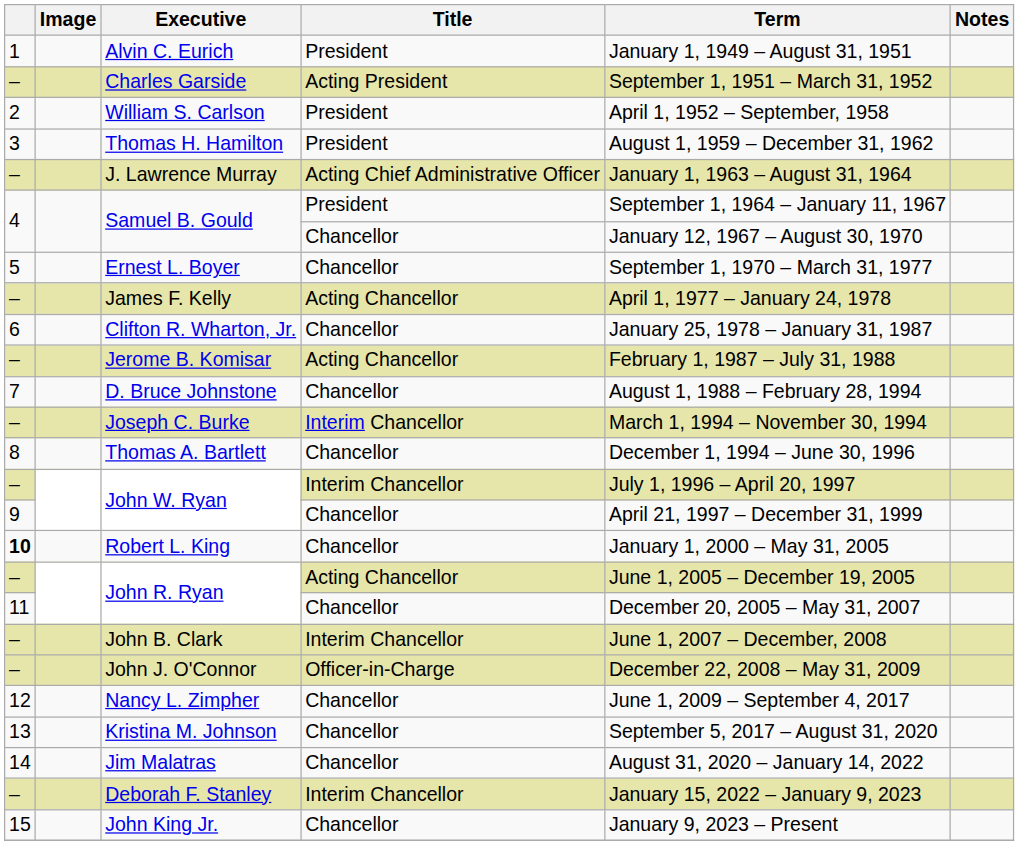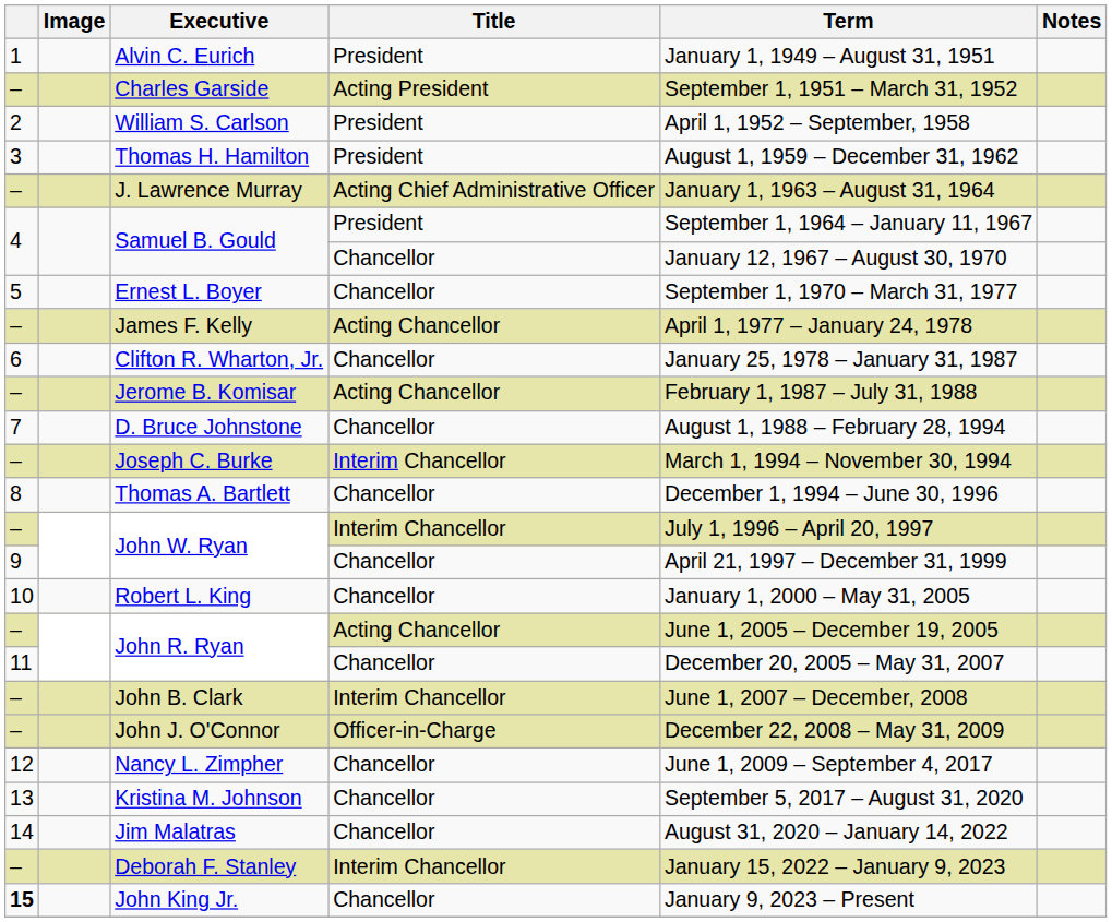 <table class="wikitable">
 <tr>
 <th></th>
 <th>Image</th>
 <th>Executive</th>
 <th>Title</th>
 <th>Term</th>
 <th>Notes</th>
 </tr>
 <tr>
 <td>1</td>
 <td></td>
 <td><a href='#'>Alvin C. Eurich</a></td>
 <td>President</td>
 <td>January 1, 1949 – August 31, 1951</td>
 <td></td>
 </tr>
 <tr bgcolor="#e6e6aa">
 <td>–</td>
 <td></td>
 <td><a href='#'>Charles Garside</a></td>
 <td>Acting President</td>
 <td>September 1, 1951 – March 31, 1952</td>
 <td></td>
 </tr>
 <tr>
 <td>2</td>
 <td></td>
 <td><a href='#'>William S. Carlson</a></td>
 <td>President</td>
 <td>April 1, 1952 – September, 1958</td>
 <td></td>
 </tr>
 <tr>
 <td>3</td>
 <td></td>
 <td><a href='#'>Thomas H. Hamilton</a></td>
 <td>President</td>
 <td>August 1, 1959 – December 31, 1962</td>
 <td></td>
 </tr>
 <tr bgcolor="#e6e6aa">
 <td>–</td>
 <td></td>
 <td>J. Lawrence Murray</td>
 <td>Acting Chief Administrative Officer</td>
 <td>January 1, 1963 – August 31, 1964</td>
 <td></td>
 </tr>
 <tr>
 <td rowspan="2">4</td>
 <td rowspan="2"></td>
 <td rowspan="2"><a href='#'>Samuel B. Gould</a></td>
 <td>President</td>
 <td>September 1, 1964 – January 11, 1967</td>
 <td></td>
 </tr>
 <tr>
 <td>Chancellor</td>
 <td>January 12, 1967 – August 30, 1970</td>
 <td></td>
 </tr>
 <tr>
 <td>5</td>
 <td></td>
 <td><a href='#'>Ernest L. Boyer</a></td>
 <td>Chancellor</td>
 <td>September 1, 1970 – March 31, 1977</td>
 <td></td>
 </tr>
 <tr bgcolor="#e6e6aa">
 <td>–</td>
 <td></td>
 <td>James F. Kelly</td>
 <td>Acting Chancellor</td>
 <td>April 1, 1977 – January 24, 1978</td>
 <td></td>
 </tr>
 <tr>
 <td>6</td>
 <td></td>
 <td><a href='#'>Clifton R. Wharton, Jr.</a></td>
 <td>Chancellor</td>
 <td>January 25, 1978 – January 31, 1987</td>
 <td></td>
 </tr>
 <tr bgcolor="#e6e6aa">
 <td>–</td>
 <td></td>
 <td><a href='#'>Jerome B. Komisar</a></td>
 <td>Acting Chancellor</td>
 <td>February 1, 1987 – July 31, 1988</td>
 <td></td>
 </tr>
 <tr>
 <td>7</td>
 <td></td>
 <td><a href='#'>D. Bruce Johnstone</a></td>
 <td>Chancellor</td>
 <td>August 1, 1988 – February 28, 1994</td>
 <td></td>
 </tr>
 <tr bgcolor="#e6e6aa">
 <td>–</td>
 <td></td>
 <td><a href='#'>Joseph C. Burke</a></td>
 <td><a href='#'>Interim</a> Chancellor</td>
 <td>March 1, 1994 – November 30, 1994</td>
 <td></td>
 </tr>
 <tr>
 <td>8</td>
 <td></td>
 <td><a href='#'>Thomas A. Bartlett</a></td>
 <td>Chancellor</td>
 <td>December 1, 1994 – June 30, 1996</td>
 <td></td>
 </tr>
 <tr bgcolor="#e6e6aa">
 <td>–</td>
 <td rowspan="2" bgcolor="#ffffff"></td>
 <td rowspan="2" bgcolor="#ffffff"><a href='#'>John W. Ryan</a></td>
 <td>Interim Chancellor</td>
 <td>July 1, 1996 – April 20, 1997</td>
 <td></td>
 </tr>
 <tr>
 <td>9</td>
 <td>Chancellor</td>
 <td>April 21, 1997 – December 31, 1999</td>
 </tr>
 <tr>
-<td><strong>10</strong></td>
+<td>10</td>
 <td></td>
 <td><a href='#'>Robert L. King</a></td>
 <td>Chancellor</td>
 <td>January 1, 2000 – May 31, 2005</td>
 <td></td>
 </tr>
 <tr bgcolor="#e6e6aa">
 <td>–</td>
 <td rowspan="2" bgcolor="#ffffff"></td>
 <td rowspan="2" bgcolor="#ffffff"><a href='#'>John R. Ryan</a></td>
 <td>Acting Chancellor</td>
 <td>June 1, 2005 – December 19, 2005</td>
 <td></td>
 </tr>
 <tr>
 <td>11</td>
 <td>Chancellor</td>
 <td>December 20, 2005 – May 31, 2007</td>
 <td></td>
 </tr>
 <tr bgcolor="#e6e6aa">
 <td>–</td>
 <td></td>
 <td>John B. Clark</td>
 <td>Interim Chancellor</td>
 <td>June 1, 2007 – December, 2008</td>
 <td></td>
 </tr>
 <tr bgcolor="#e6e6aa">
 <td>–</td>
 <td></td>
 <td>John J. O'Connor</td>
 <td>Officer-in-Charge</td>
 <td>December 22, 2008 – May 31, 2009</td>
 <td></td>
 </tr>
 <tr>
 <td>12</td>
 <td></td>
 <td><a href='#'>Nancy L. Zimpher</a></td>
 <td>Chancellor</td>
 <td>June 1, 2009 – September 4, 2017</td>
 <td></td>
 </tr>
 <tr>
 <td>13</td>
 <td></td>
 <td><a href='#'>Kristina M. Johnson</a></td>
 <td>Chancellor</td>
 <td>September 5, 2017 – August 31, 2020</td>
 <td></td>
 </tr>
 <tr>
 <td>14</td>
 <td></td>
 <td><a href='#'>Jim Malatras</a></td>
 <td>Chancellor</td>
 <td>August 31, 2020 – January 14, 2022</td>
 <td></td>
 </tr>
 <tr bgcolor="#e6e6aa">
 <td>–</td>
 <td></td>
 <td><a href='#'>Deborah F. Stanley</a></td>
 <td>Interim Chancellor</td>
 <td>January 15, 2022 – January 9, 2023</td>
 <td></td>
 </tr>
 <tr>
-<td>15</td>
+<td><strong>15</strong></td>
 <td></td>
 <td><a href='#'>John King Jr.</a></td>
 <td>Chancellor</td>
 <td>January 9, 2023 – Present</td>
 <td></td>
 </tr>
 <tr>
 </tr>
 </table>
